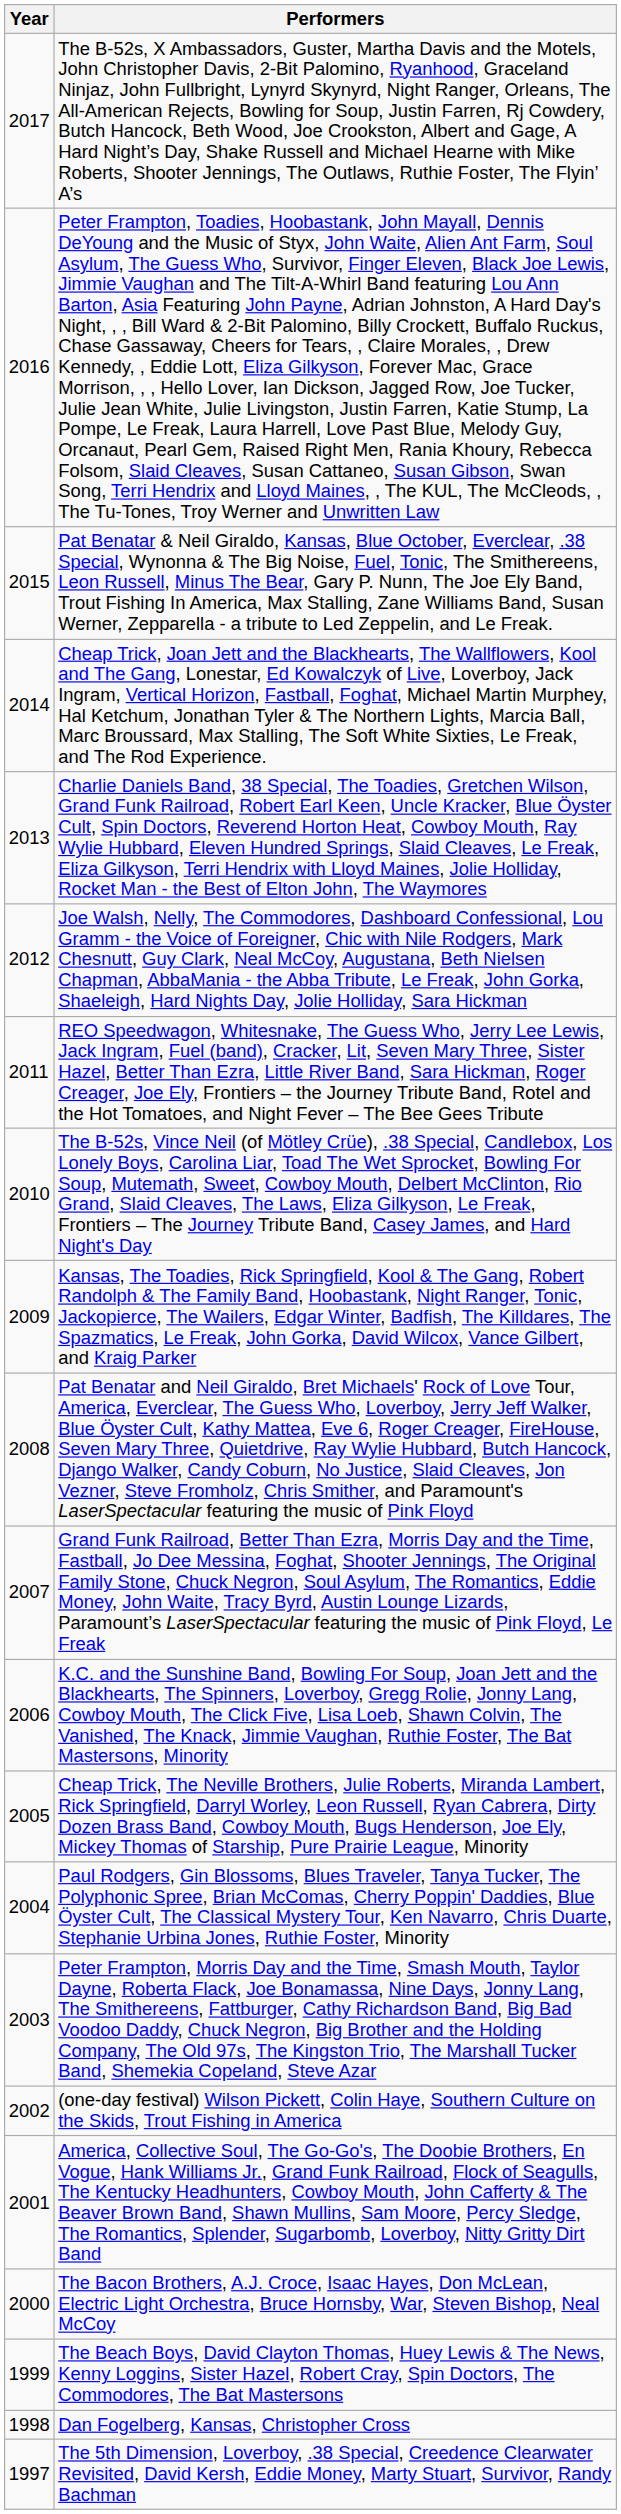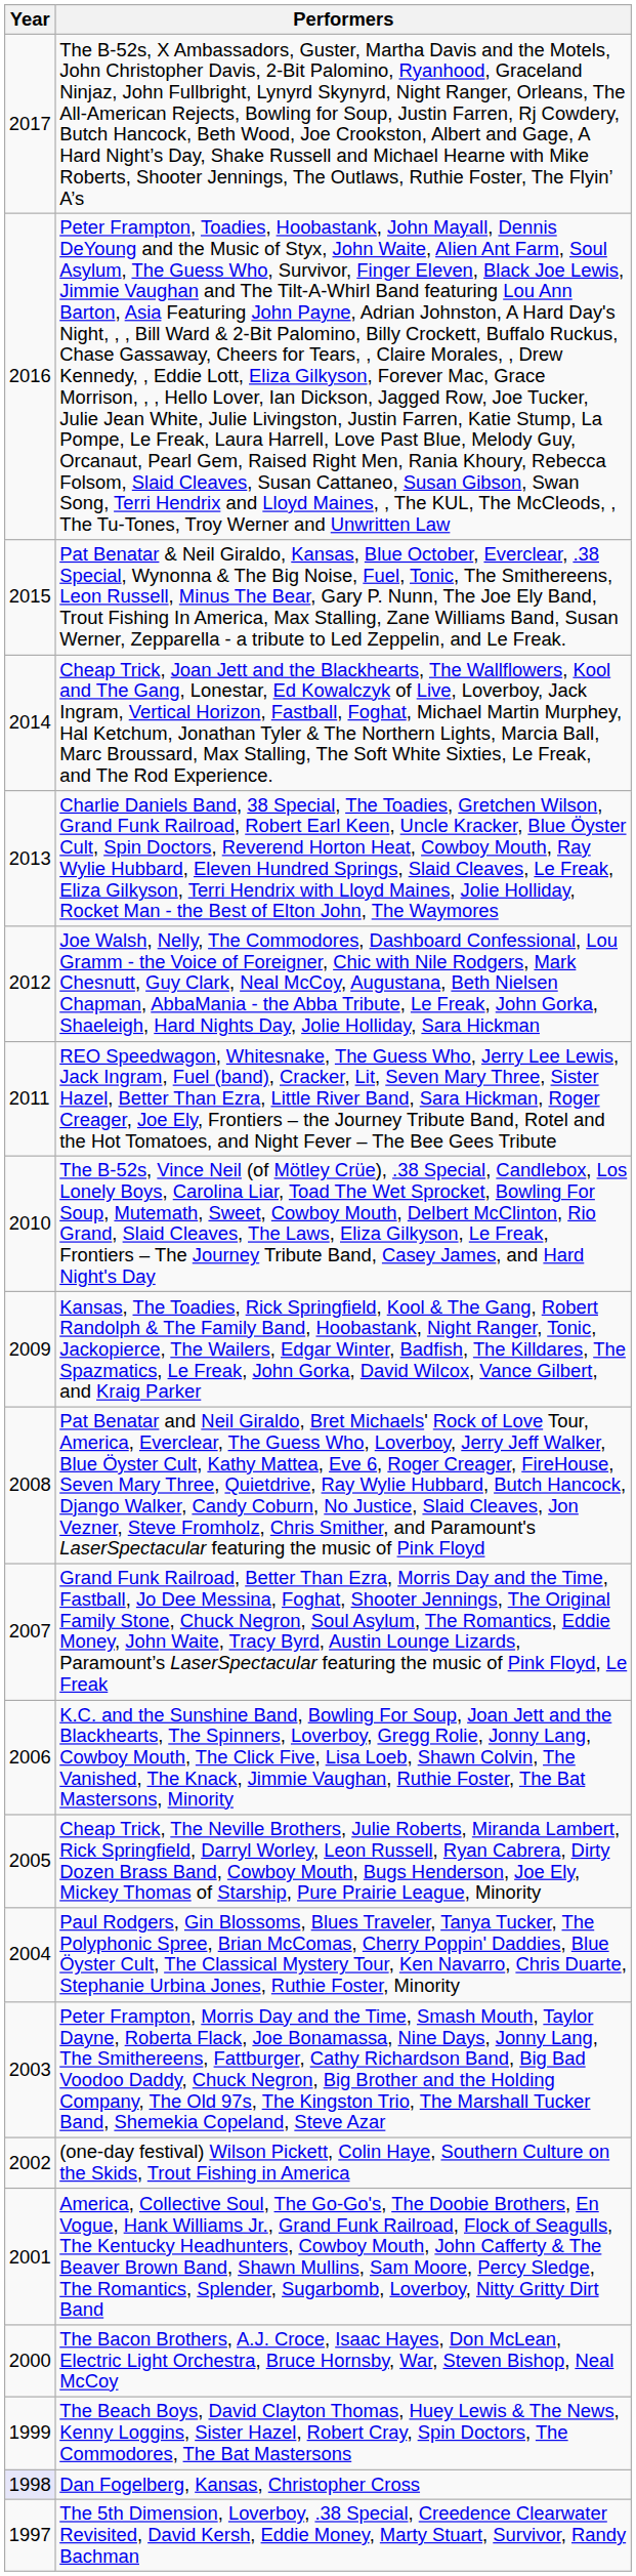 <table class="wikitable" style="width: 400pt;">
 <tr>
 <th>Year</th>
 <th>Performers</th>
 </tr>
 <tr>
 <td>2017</td>
 <td>The B-52s, X Ambassadors, Guster, Martha Davis and the Motels, John Christopher Davis, 2-Bit Palomino, <a href='#'>Ryanhood</a>, Graceland Ninjaz, John Fullbright, Lynyrd Skynyrd, Night Ranger, Orleans, The All-American Rejects, Bowling for Soup, Justin Farren, Rj Cowdery, Butch Hancock, Beth Wood, Joe Crookston, Albert and Gage, A Hard Night’s Day, Shake Russell and Michael Hearne with Mike Roberts, Shooter Jennings, The Outlaws, Ruthie Foster, The Flyin’ A’s</td>
 </tr>
 <tr>
 <td>2016</td>
 <td><a href='#'>Peter Frampton</a>, <a href='#'>Toadies</a>, <a href='#'>Hoobastank</a>, <a href='#'>John Mayall</a>, <a href='#'>Dennis DeYoung</a> and the Music of Styx, <a href='#'>John Waite</a>, <a href='#'>Alien Ant Farm</a>, <a href='#'>Soul Asylum</a>, <a href='#'>The Guess Who</a>, Survivor, <a href='#'>Finger Eleven</a>, <a href='#'>Black Joe Lewis</a>, <a href='#'>Jimmie Vaughan</a> and The Tilt-A-Whirl Band featuring <a href='#'>Lou Ann Barton</a>, <a href='#'>Asia</a> Featuring <a href='#'>John Payne</a>, Adrian Johnston, A Hard Day's Night, , , Bill Ward & 2-Bit Palomino, Billy Crockett, Buffalo Ruckus, Chase Gassaway, Cheers for Tears, , Claire Morales, , Drew Kennedy, , Eddie Lott, <a href='#'>Eliza Gilkyson</a>, Forever Mac, Grace Morrison, , , Hello Lover, Ian Dickson, Jagged Row, Joe Tucker, Julie Jean White, Julie Livingston, Justin Farren, Katie Stump, La Pompe, Le Freak, Laura Harrell, Love Past Blue, Melody Guy, Orcanaut, Pearl Gem, Raised Right Men, Rania Khoury, Rebecca Folsom, <a href='#'>Slaid Cleaves</a>, Susan Cattaneo, <a href='#'>Susan Gibson</a>, Swan Song, <a href='#'>Terri Hendrix</a> and <a href='#'>Lloyd Maines</a>, , The KUL, The McCleods, , The Tu-Tones, Troy Werner and <a href='#'>Unwritten Law</a></td>
 </tr>
 <tr>
 <td>2015</td>
 <td><a href='#'>Pat Benatar</a> & Neil Giraldo, <a href='#'>Kansas</a>, <a href='#'>Blue October</a>, <a href='#'>Everclear</a>, <a href='#'>.38 Special</a>, Wynonna & The Big Noise, <a href='#'>Fuel</a>, <a href='#'>Tonic</a>, The Smithereens, <a href='#'>Leon Russell</a>, <a href='#'>Minus The Bear</a>, Gary P. Nunn, The Joe Ely Band, Trout Fishing In America, Max Stalling, Zane Williams Band, Susan Werner, Zepparella - a tribute to Led Zeppelin, and Le Freak.</td>
 </tr>
 <tr>
 <td>2014</td>
 <td><a href='#'>Cheap Trick</a>, <a href='#'>Joan Jett and the Blackhearts</a>, <a href='#'>The Wallflowers</a>, <a href='#'>Kool and The Gang</a>, Lonestar, <a href='#'>Ed Kowalczyk</a> of <a href='#'>Live</a>, Loverboy, Jack Ingram, <a href='#'>Vertical Horizon</a>, <a href='#'>Fastball</a>, <a href='#'>Foghat</a>, Michael Martin Murphey, Hal Ketchum, Jonathan Tyler & The Northern Lights, Marcia Ball, Marc Broussard, Max Stalling, The Soft White Sixties, Le Freak, and The Rod Experience.</td>
 </tr>
 <tr>
 <td>2013</td>
 <td><a href='#'>Charlie Daniels Band</a>, <a href='#'>38 Special</a>, <a href='#'>The Toadies</a>, <a href='#'>Gretchen Wilson</a>, <a href='#'>Grand Funk Railroad</a>, <a href='#'>Robert Earl Keen</a>, <a href='#'>Uncle Kracker</a>, <a href='#'>Blue Öyster Cult</a>, <a href='#'>Spin Doctors</a>, <a href='#'>Reverend Horton Heat</a>, <a href='#'>Cowboy Mouth</a>, <a href='#'>Ray Wylie Hubbard</a>, <a href='#'>Eleven Hundred Springs</a>, <a href='#'>Slaid Cleaves</a>, <a href='#'>Le Freak</a>, <a href='#'>Eliza Gilkyson</a>, <a href='#'>Terri Hendrix with Lloyd Maines</a>, <a href='#'>Jolie Holliday</a>, <a href='#'>Rocket Man - the Best of Elton John</a>, <a href='#'>The Waymores</a></td>
 </tr>
 <tr>
 <td>2012</td>
 <td><a href='#'>Joe Walsh</a>, <a href='#'>Nelly</a>, <a href='#'>The Commodores</a>, <a href='#'>Dashboard Confessional</a>, <a href='#'>Lou Gramm - the Voice of Foreigner</a>, <a href='#'>Chic with Nile Rodgers</a>, <a href='#'>Mark Chesnutt</a>, <a href='#'>Guy Clark</a>, <a href='#'>Neal McCoy</a>, <a href='#'>Augustana</a>, <a href='#'>Beth Nielsen Chapman</a>, <a href='#'>AbbaMania - the Abba Tribute</a>, <a href='#'>Le Freak</a>, <a href='#'>John Gorka</a>, <a href='#'>Shaeleigh</a>, <a href='#'>Hard Nights Day</a>, <a href='#'>Jolie Holliday</a>, <a href='#'>Sara Hickman</a></td>
 </tr>
 <tr>
 <td>2011</td>
 <td><a href='#'>REO Speedwagon</a>, <a href='#'>Whitesnake</a>, <a href='#'>The Guess Who</a>, <a href='#'>Jerry Lee Lewis</a>, <a href='#'>Jack Ingram</a>, <a href='#'>Fuel (band)</a>, <a href='#'>Cracker</a>, <a href='#'>Lit</a>, <a href='#'>Seven Mary Three</a>, <a href='#'>Sister Hazel</a>, <a href='#'>Better Than Ezra</a>, <a href='#'>Little River Band</a>, <a href='#'>Sara Hickman</a>, <a href='#'>Roger Creager</a>, <a href='#'>Joe Ely</a>, Frontiers – the Journey Tribute Band, Rotel and the Hot Tomatoes, and Night Fever – The Bee Gees Tribute</td>
 </tr>
 <tr>
 <td>2010</td>
 <td><a href='#'>The B-52s</a>, <a href='#'>Vince Neil</a> (of <a href='#'>Mötley Crüe</a>), <a href='#'>.38 Special</a>, <a href='#'>Candlebox</a>, <a href='#'>Los Lonely Boys</a>, <a href='#'>Carolina Liar</a>, <a href='#'>Toad The Wet Sprocket</a>, <a href='#'>Bowling For Soup</a>, <a href='#'>Mutemath</a>, <a href='#'>Sweet</a>, <a href='#'>Cowboy Mouth</a>, <a href='#'>Delbert McClinton</a>, <a href='#'>Rio Grand</a>, <a href='#'>Slaid Cleaves</a>, <a href='#'>The Laws</a>, <a href='#'>Eliza Gilkyson</a>, <a href='#'>Le Freak</a>, Frontiers – The <a href='#'>Journey</a> Tribute Band, <a href='#'>Casey James</a>, and <a href='#'>Hard Night's Day</a></td>
 </tr>
 <tr>
 <td>2009</td>
 <td><a href='#'>Kansas</a>, <a href='#'>The Toadies</a>, <a href='#'>Rick Springfield</a>, <a href='#'>Kool & The Gang</a>, <a href='#'>Robert Randolph & The Family Band</a>, <a href='#'>Hoobastank</a>, <a href='#'>Night Ranger</a>, <a href='#'>Tonic</a>, <a href='#'>Jackopierce</a>, <a href='#'>The Wailers</a>, <a href='#'>Edgar Winter</a>, <a href='#'>Badfish</a>, <a href='#'>The Killdares</a>, <a href='#'>The Spazmatics</a>, <a href='#'>Le Freak</a>, <a href='#'>John Gorka</a>, <a href='#'>David Wilcox</a>, <a href='#'>Vance Gilbert</a>, and <a href='#'>Kraig Parker</a></td>
 </tr>
 <tr>
 <td>2008</td>
 <td><a href='#'>Pat Benatar</a> and <a href='#'>Neil Giraldo</a>, <a href='#'>Bret Michaels</a>' <a href='#'>Rock of Love</a> Tour, <a href='#'>America</a>, <a href='#'>Everclear</a>, <a href='#'>The Guess Who</a>, <a href='#'>Loverboy</a>, <a href='#'>Jerry Jeff Walker</a>, <a href='#'>Blue Öyster Cult</a>, <a href='#'>Kathy Mattea</a>, <a href='#'>Eve 6</a>, <a href='#'>Roger Creager</a>, <a href='#'>FireHouse</a>, <a href='#'>Seven Mary Three</a>, <a href='#'>Quietdrive</a>, <a href='#'>Ray Wylie Hubbard</a>, <a href='#'>Butch Hancock</a>, <a href='#'>Django Walker</a>, <a href='#'>Candy Coburn</a>, <a href='#'>No Justice</a>, <a href='#'>Slaid Cleaves</a>, <a href='#'>Jon Vezner</a>, <a href='#'>Steve Fromholz</a>, <a href='#'>Chris Smither</a>, and Paramount's <em>LaserSpectacular</em> featuring the music of <a href='#'>Pink Floyd</a></td>
 </tr>
 <tr>
 <td>2007</td>
 <td><a href='#'>Grand Funk Railroad</a>, <a href='#'>Better Than Ezra</a>, <a href='#'>Morris Day and the Time</a>, <a href='#'>Fastball</a>, <a href='#'>Jo Dee Messina</a>, <a href='#'>Foghat</a>, <a href='#'>Shooter Jennings</a>, <a href='#'>The Original Family Stone</a>, <a href='#'>Chuck Negron</a>, <a href='#'>Soul Asylum</a>, <a href='#'>The Romantics</a>, <a href='#'>Eddie Money</a>, <a href='#'>John Waite</a>, <a href='#'>Tracy Byrd</a>, <a href='#'>Austin Lounge Lizards</a>, Paramount’s <em>LaserSpectacular</em> featuring the music of <a href='#'>Pink Floyd</a>, <a href='#'>Le Freak</a></td>
 </tr>
 <tr>
 <td>2006</td>
 <td><a href='#'>K.C. and the Sunshine Band</a>, <a href='#'>Bowling For Soup</a>, <a href='#'>Joan Jett and the Blackhearts</a>, <a href='#'>The Spinners</a>, <a href='#'>Loverboy</a>, <a href='#'>Gregg Rolie</a>, <a href='#'>Jonny Lang</a>, <a href='#'>Cowboy Mouth</a>, <a href='#'>The Click Five</a>, <a href='#'>Lisa Loeb</a>, <a href='#'>Shawn Colvin</a>, <a href='#'>The Vanished</a>, <a href='#'>The Knack</a>, <a href='#'>Jimmie Vaughan</a>, <a href='#'>Ruthie Foster</a>, <a href='#'>The Bat Mastersons</a>, <a href='#'>Minority</a></td>
 </tr>
 <tr>
 <td>2005</td>
 <td><a href='#'>Cheap Trick</a>, <a href='#'>The Neville Brothers</a>, <a href='#'>Julie Roberts</a>, <a href='#'>Miranda Lambert</a>, <a href='#'>Rick Springfield</a>, <a href='#'>Darryl Worley</a>, <a href='#'>Leon Russell</a>, <a href='#'>Ryan Cabrera</a>, <a href='#'>Dirty Dozen Brass Band</a>, <a href='#'>Cowboy Mouth</a>, <a href='#'>Bugs Henderson</a>, <a href='#'>Joe Ely</a>, <a href='#'>Mickey Thomas</a> of <a href='#'>Starship</a>, <a href='#'>Pure Prairie League</a>, Minority</td>
 </tr>
 <tr>
 <td>2004</td>
 <td><a href='#'>Paul Rodgers</a>, <a href='#'>Gin Blossoms</a>, <a href='#'>Blues Traveler</a>, <a href='#'>Tanya Tucker</a>, <a href='#'>The Polyphonic Spree</a>, <a href='#'>Brian McComas</a>, <a href='#'>Cherry Poppin' Daddies</a>, <a href='#'>Blue Öyster Cult</a>, <a href='#'>The Classical Mystery Tour</a>, <a href='#'>Ken Navarro</a>, <a href='#'>Chris Duarte</a>, <a href='#'>Stephanie Urbina Jones</a>, <a href='#'>Ruthie Foster</a>, Minority</td>
 </tr>
 <tr>
 <td>2003</td>
 <td><a href='#'>Peter Frampton</a>, <a href='#'>Morris Day and the Time</a>, <a href='#'>Smash Mouth</a>, <a href='#'>Taylor Dayne</a>, <a href='#'>Roberta Flack</a>, <a href='#'>Joe Bonamassa</a>, <a href='#'>Nine Days</a>, <a href='#'>Jonny Lang</a>, <a href='#'>The Smithereens</a>, <a href='#'>Fattburger</a>, <a href='#'>Cathy Richardson Band</a>, <a href='#'>Big Bad Voodoo Daddy</a>, <a href='#'>Chuck Negron</a>, <a href='#'>Big Brother and the Holding Company</a>, <a href='#'>The Old 97s</a>, <a href='#'>The Kingston Trio</a>, <a href='#'>The Marshall Tucker Band</a>, <a href='#'>Shemekia Copeland</a>, <a href='#'>Steve Azar</a></td>
 </tr>
 <tr>
 <td>2002</td>
 <td>(one-day festival) <a href='#'>Wilson Pickett</a>, <a href='#'>Colin Haye</a>, <a href='#'>Southern Culture on the Skids</a>, <a href='#'>Trout Fishing in America</a></td>
 </tr>
 <tr>
 <td>2001</td>
 <td><a href='#'>America</a>, <a href='#'>Collective Soul</a>, <a href='#'>The Go-Go's</a>, <a href='#'>The Doobie Brothers</a>, <a href='#'>En Vogue</a>, <a href='#'>Hank Williams Jr.</a>, <a href='#'>Grand Funk Railroad</a>, <a href='#'>Flock of Seagulls</a>, <a href='#'>The Kentucky Headhunters</a>, <a href='#'>Cowboy Mouth</a>, <a href='#'>John Cafferty & The Beaver Brown Band</a>, <a href='#'>Shawn Mullins</a>, <a href='#'>Sam Moore</a>, <a href='#'>Percy Sledge</a>, <a href='#'>The Romantics</a>, <a href='#'>Splender</a>, <a href='#'>Sugarbomb</a>, <a href='#'>Loverboy</a>, <a href='#'>Nitty Gritty Dirt Band</a></td>
 </tr>
 <tr>
 <td>2000</td>
 <td><a href='#'>The Bacon Brothers</a>, <a href='#'>A.J. Croce</a>, <a href='#'>Isaac Hayes</a>, <a href='#'>Don McLean</a>, <a href='#'>Electric Light Orchestra</a>, <a href='#'>Bruce Hornsby</a>, <a href='#'>War</a>, <a href='#'>Steven Bishop</a>, <a href='#'>Neal McCoy</a></td>
 </tr>
 <tr>
 <td>1999</td>
 <td><a href='#'>The Beach Boys</a>, <a href='#'>David Clayton Thomas</a>, <a href='#'>Huey Lewis & The News</a>, <a href='#'>Kenny Loggins</a>, <a href='#'>Sister Hazel</a>, <a href='#'>Robert Cray</a>, <a href='#'>Spin Doctors</a>, <a href='#'>The Commodores</a>, <a href='#'>The Bat Mastersons</a></td>
 </tr>
 <tr>
-<td>1998</td>
+<td style="background: lavender;">1998</td>
 <td><a href='#'>Dan Fogelberg</a>, <a href='#'>Kansas</a>, <a href='#'>Christopher Cross</a></td>
 </tr>
 <tr>
 <td>1997</td>
 <td><a href='#'>The 5th Dimension</a>, <a href='#'>Loverboy</a>, <a href='#'>.38 Special</a>, <a href='#'>Creedence Clearwater Revisited</a>, <a href='#'>David Kersh</a>, <a href='#'>Eddie Money</a>, <a href='#'>Marty Stuart</a>, <a href='#'>Survivor</a>, <a href='#'>Randy Bachman</a></td>
 </tr>
 </table>
